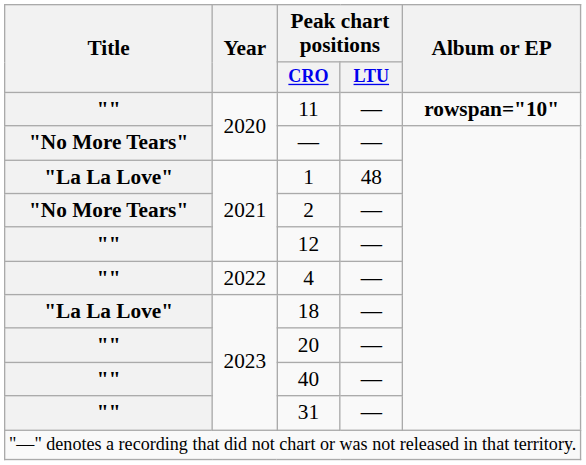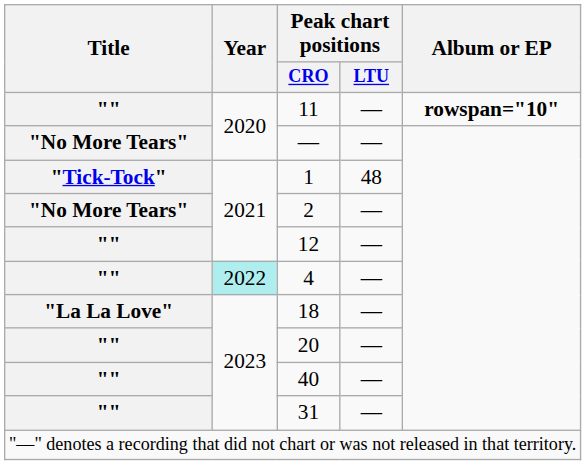 <table class="wikitable plainrowheaders" style="text-align:center;">
 <tr>
 <th scope="col" rowspan="2">Title</th>
 <th scope="col" rowspan="2">Year</th>
 <th scope="col" colspan="2">Peak chart positions</th>
 <th scope="col" rowspan="2">Album or EP</th>
 </tr>
 <tr>
 <th scope="col" style="width:3em;font-size:85%;"><a href='#'>CRO</a><br></th>
 <th scope="col" style="width:3em;font-size:85%;"><a href='#'>LTU</a><br></th>
 </tr>
 <tr>
 <th scope="row">""</th>
 <td rowspan="2">2020</td>
 <td>11</td>
 <td>—</td>
 <td><strong>rowspan="10" </strong></td>
 </tr>
 <tr>
 <th scope="row">"No More Tears"</th>
 <td>—</td>
 <td>—</td>
 </tr>
 <tr>
-<th scope="row">"La La Love"</th>
+<th scope="row">"<a href='#'>Tick-Tock</a>"</th>
 <td rowspan="3">2021</td>
 <td>1</td>
 <td>48</td>
 </tr>
 <tr>
 <th scope="row">"No More Tears"</th>
 <td>2</td>
 <td>—</td>
 </tr>
 <tr>
 <th scope="row">""</th>
 <td>12</td>
 <td>—</td>
 </tr>
 <tr>
 <th scope="row">""</th>
-<td>2022</td>
+<td style="background: paleturquoise;">2022</td>
 <td>4</td>
 <td>—</td>
 </tr>
 <tr>
 <th scope="row">"La La Love"</th>
 <td rowspan="4">2023</td>
 <td>18</td>
 <td>—</td>
 </tr>
 <tr>
 <th scope="row">""<br></th>
 <td>20</td>
 <td>—</td>
 </tr>
 <tr>
 <th scope="row">""</th>
 <td>40</td>
 <td>—</td>
 </tr>
 <tr>
 <th scope="row">""</th>
 <td>31</td>
 <td>—</td>
 </tr>
 <tr>
 <td colspan="5" style="text-align:center; font-size:85%;">"—" denotes a recording that did not chart or was not released in that territory.</td>
 </tr>
 </table>
